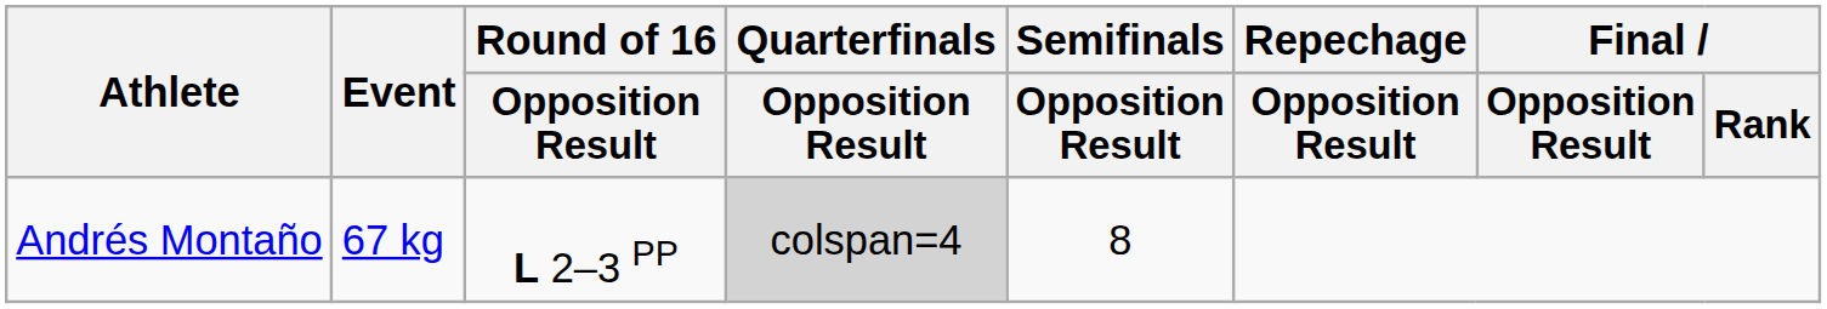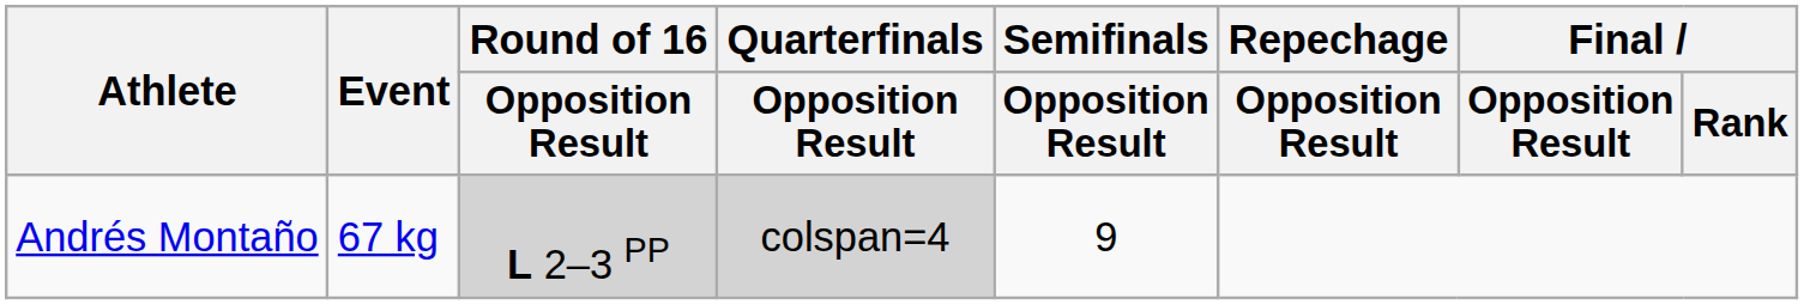 <table class="wikitable" style="font-size:90%">
 <tr>
 <th rowspan=2>Athlete</th>
 <th rowspan=2>Event</th>
 <th>Round of 16</th>
 <th>Quarterfinals</th>
 <th>Semifinals</th>
 <th>Repechage</th>
 <th colspan=2>Final / </th>
 </tr>
 <tr style="font-size: 95%">
 <th>Opposition<br>Result</th>
 <th>Opposition<br>Result</th>
 <th>Opposition<br>Result</th>
 <th>Opposition<br>Result</th>
 <th>Opposition<br>Result</th>
 <th>Rank</th>
 </tr>
 <tr align=center>
 <td align=left><a href='#'>Andrés Montaño</a></td>
 <td align=left><a href='#'>67 kg</a></td>
-<td><br><strong>L</strong> 2–3 <sup>PP</sup></td>
+<td style="background: lightgrey;"><br><strong>L</strong> 2–3 <sup>PP</sup></td>
 <td style="background: lightgrey;">colspan=4 </td>
-<td>8</td>
+<td>9</td>
 </tr>
 </table>
